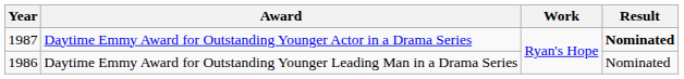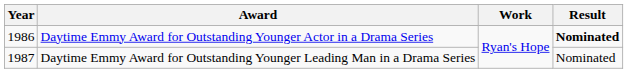 <table class="wikitable">
 <tr>
 <th>Year</th>
 <th>Award</th>
 <th>Work</th>
 <th>Result</th>
 </tr>
 <tr>
-<td>1987</td>
+<td>1986</td>
 <td><a href='#'>Daytime Emmy Award for Outstanding Younger Actor in a Drama Series</a></td>
 <td rowspan="2"><a href='#'>Ryan's Hope</a></td>
 <td><strong>Nominated</strong></td>
 </tr>
 <tr>
-<td>1986</td>
+<td>1987</td>
 <td>Daytime Emmy Award for Outstanding Younger Leading Man in a Drama Series</td>
 <td>Nominated</td>
 </tr>
 </table>
